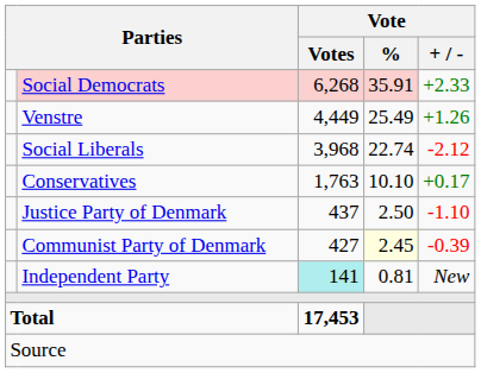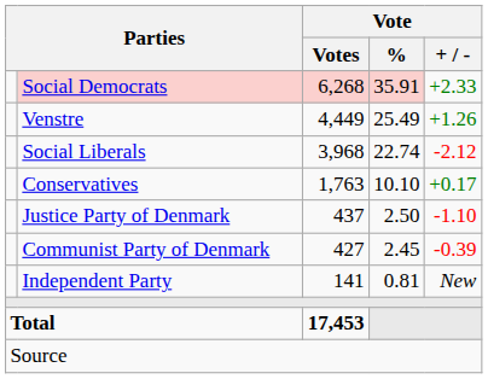 <table class="wikitable" style="text-align:right;">
 <tr>
 <th style="text-align:centre;" rowspan="2" colspan="2" width="225">Parties</th>
 <th colspan="3">Vote</th>
 </tr>
 <tr>
 <th width="15">Votes</th>
 <th width="15">%</th>
 <th width="15">+ / -</th>
 </tr>
 <tr>
 <td width="2" style="color:inherit;background:"></td>
 <td bgcolor=#fbd0ce  align="left"><a href='#'>Social Democrats</a></td>
 <td bgcolor=#fbd0ce>6,268</td>
 <td bgcolor=#fbd0ce>35.91</td>
 <td style=color:green;>+2.33</td>
 </tr>
 <tr>
 <td width="2" style="color:inherit;background:"></td>
 <td align="left"><a href='#'>Venstre</a></td>
 <td>4,449</td>
 <td>25.49</td>
 <td style=color:green;>+1.26</td>
 </tr>
 <tr>
 <td width="2" style="color:inherit;background:"></td>
 <td align="left"><a href='#'>Social Liberals</a></td>
 <td>3,968</td>
 <td>22.74</td>
 <td style=color:red;>-2.12</td>
 </tr>
 <tr>
 <td width="2" style="color:inherit;background:"></td>
 <td align="left"><a href='#'>Conservatives</a></td>
 <td>1,763</td>
 <td>10.10</td>
 <td style=color:green;>+0.17</td>
 </tr>
 <tr>
 <td width="2" style="color:inherit;background:"></td>
 <td align="left"><a href='#'>Justice Party of Denmark</a></td>
 <td>437</td>
 <td>2.50</td>
 <td style=color:red;>-1.10</td>
 </tr>
 <tr>
 <td width="2" style="color:inherit;background:"></td>
 <td align="left"><a href='#'>Communist Party of Denmark</a></td>
 <td>427</td>
-<td style="background: lightyellow;">2.45</td>
+<td>2.45</td>
 <td style=color:red;>-0.39</td>
 </tr>
 <tr>
 <td width="2" style="color:inherit;background:"></td>
 <td align="left"><a href='#'>Independent Party</a></td>
-<td style="background: paleturquoise;">141</td>
+<td>141</td>
 <td>0.81</td>
 <td><em>New</em></td>
 </tr>
 <tr>
 <td colspan="7" bgcolor="#E9E9E9"></td>
 </tr>
 <tr>
 <td align="left" colspan="2"><strong>Total</strong></td>
 <td><strong>17,453</strong></td>
 <td bgcolor="#E9E9E9" colspan="2"></td>
 </tr>
 <tr>
 <td align="left" colspan="6">Source</td>
 </tr>
 </table>
